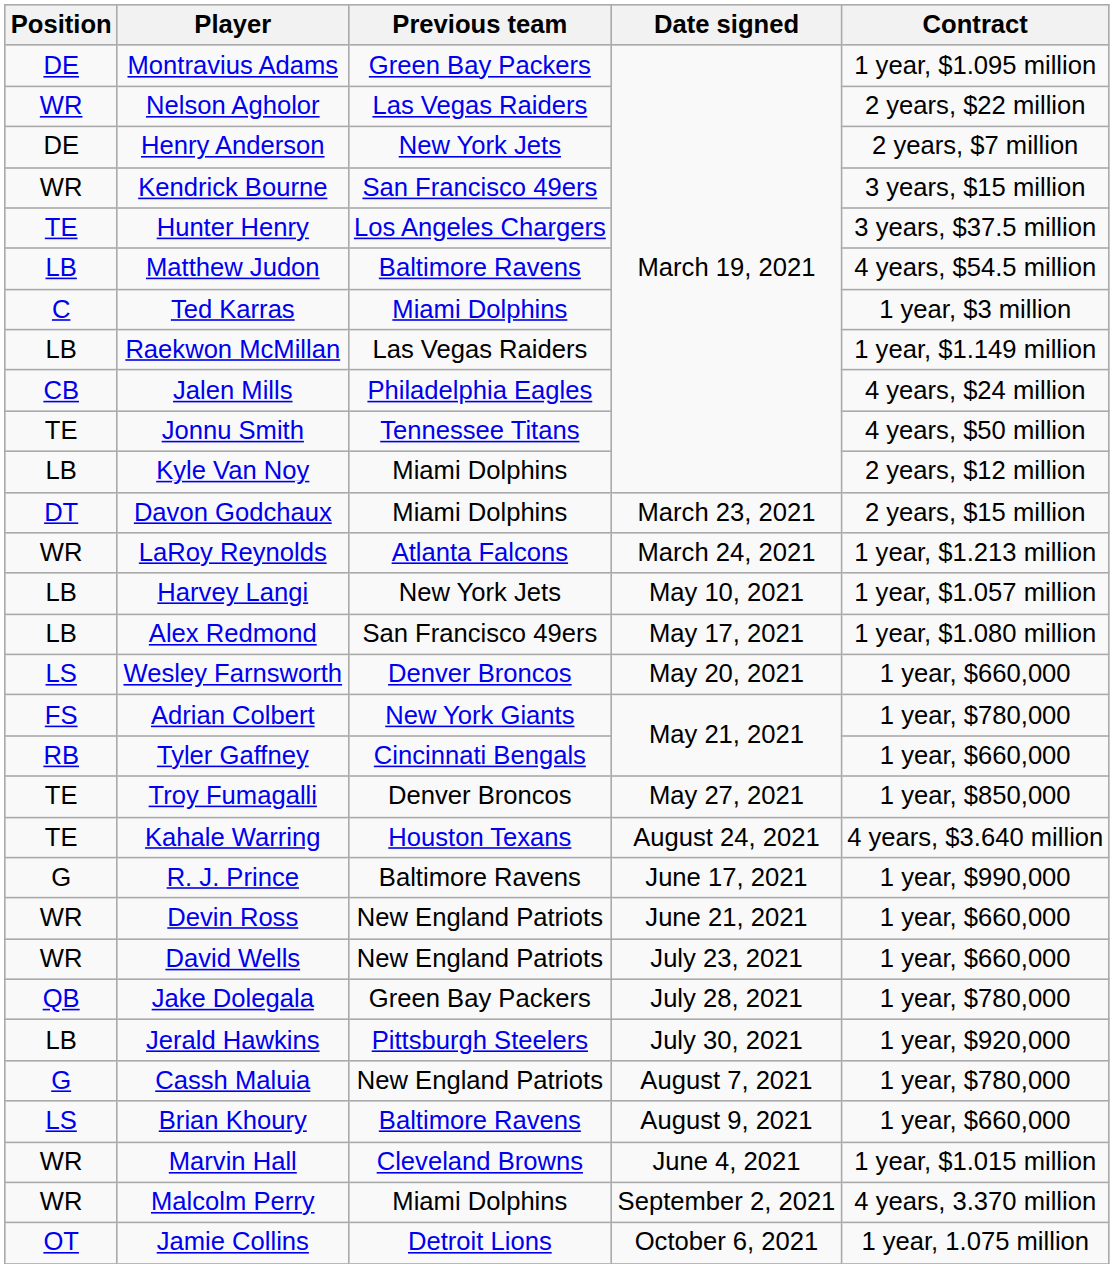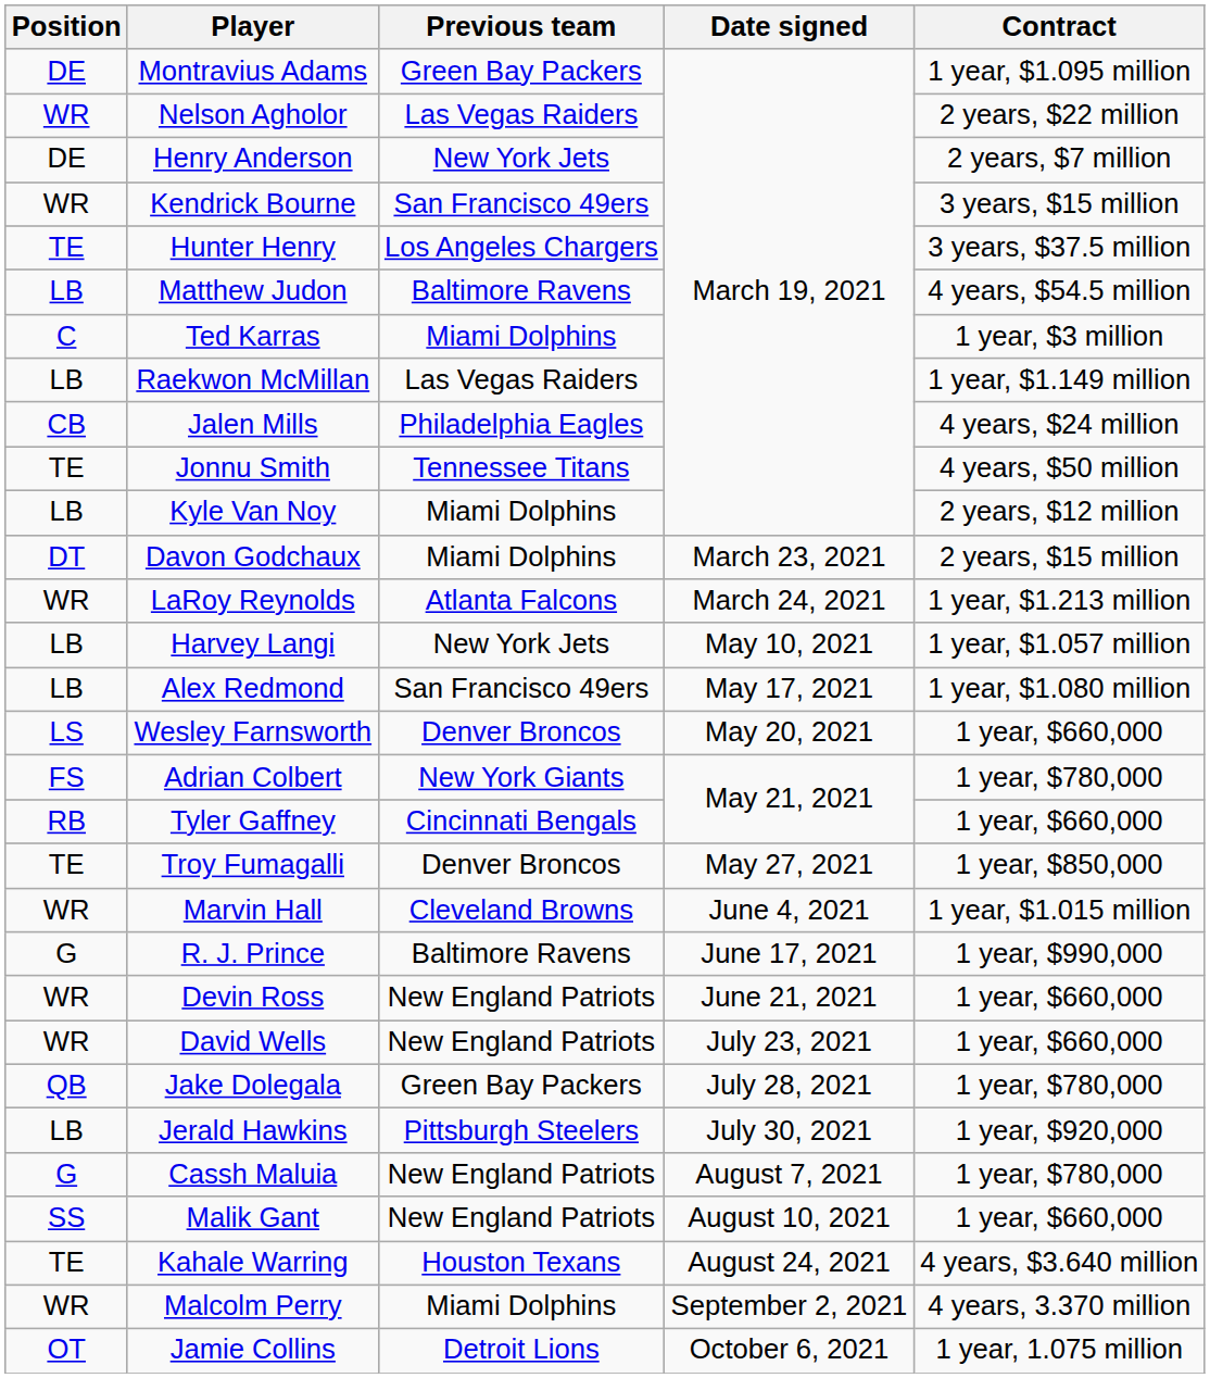 <table class="wikitable" style="text-align:center">
 <tr>
 <th>Position</th>
 <th>Player</th>
 <th>Previous team</th>
 <th>Date signed</th>
 <th>Contract</th>
 </tr>
 <tr>
 <td><a href='#'>DE</a></td>
 <td><a href='#'>Montravius Adams</a></td>
 <td><a href='#'>Green Bay Packers</a></td>
 <td rowspan="11">March 19, 2021</td>
 <td>1 year, $1.095 million</td>
 </tr>
 <tr style="background:#;">
 <td><a href='#'>WR</a></td>
 <td><a href='#'>Nelson Agholor</a></td>
 <td><a href='#'>Las Vegas Raiders</a></td>
 <td>2 years, $22 million</td>
 </tr>
 <tr style="background:#;">
 <td>DE</td>
 <td><a href='#'>Henry Anderson</a></td>
 <td><a href='#'>New York Jets</a></td>
 <td>2 years, $7 million</td>
 </tr>
 <tr style="background:#;">
 <td>WR</td>
 <td><a href='#'>Kendrick Bourne</a></td>
 <td><a href='#'>San Francisco 49ers</a></td>
 <td>3 years, $15 million</td>
 </tr>
 <tr style="background:#;">
 <td><a href='#'>TE</a></td>
 <td><a href='#'>Hunter Henry</a></td>
 <td><a href='#'>Los Angeles Chargers</a></td>
 <td>3 years, $37.5 million</td>
 </tr>
 <tr style="background:#;">
 <td><a href='#'>LB</a></td>
 <td><a href='#'>Matthew Judon</a></td>
 <td><a href='#'>Baltimore Ravens</a></td>
 <td>4 years, $54.5 million</td>
 </tr>
 <tr style="background:#;">
 <td><a href='#'>C</a></td>
 <td><a href='#'>Ted Karras</a></td>
 <td><a href='#'>Miami Dolphins</a></td>
 <td>1 year, $3 million</td>
 </tr>
 <tr style="background:#;">
 <td>LB</td>
 <td><a href='#'>Raekwon McMillan</a></td>
 <td>Las Vegas Raiders</td>
 <td>1 year, $1.149 million</td>
 </tr>
 <tr style="background:#;">
 <td><a href='#'>CB</a></td>
 <td><a href='#'>Jalen Mills</a></td>
 <td><a href='#'>Philadelphia Eagles</a></td>
 <td>4 years, $24 million</td>
 </tr>
 <tr style="background:#;">
 <td>TE</td>
 <td><a href='#'>Jonnu Smith</a></td>
 <td><a href='#'>Tennessee Titans</a></td>
 <td>4 years, $50 million</td>
 </tr>
 <tr>
 <td>LB</td>
 <td><a href='#'>Kyle Van Noy</a></td>
 <td>Miami Dolphins</td>
 <td>2 years, $12 million</td>
 </tr>
 <tr style="background:#;">
 <td><a href='#'>DT</a></td>
 <td><a href='#'>Davon Godchaux</a></td>
 <td>Miami Dolphins</td>
 <td>March 23, 2021</td>
 <td>2 years, $15 million</td>
 </tr>
 <tr>
 <td>WR</td>
 <td><a href='#'>LaRoy Reynolds</a></td>
 <td><a href='#'>Atlanta Falcons</a></td>
 <td>March 24, 2021</td>
 <td>1 year, $1.213 million</td>
 </tr>
 <tr>
 <td>LB</td>
 <td><a href='#'>Harvey Langi</a></td>
 <td>New York Jets</td>
 <td>May 10, 2021</td>
 <td>1 year, $1.057 million</td>
 </tr>
 <tr>
 <td>LB</td>
 <td><a href='#'>Alex Redmond</a></td>
 <td>San Francisco 49ers</td>
 <td>May 17, 2021</td>
 <td>1 year, $1.080 million</td>
 </tr>
 <tr>
 <td><a href='#'>LS</a></td>
 <td><a href='#'>Wesley Farnsworth</a></td>
 <td><a href='#'>Denver Broncos</a></td>
 <td>May 20, 2021</td>
 <td>1 year, $660,000</td>
 </tr>
 <tr>
 <td><a href='#'>FS</a></td>
 <td><a href='#'>Adrian Colbert</a></td>
 <td><a href='#'>New York Giants</a></td>
 <td rowspan="2">May 21, 2021</td>
 <td>1 year, $780,000</td>
 </tr>
 <tr>
 <td><a href='#'>RB</a></td>
 <td><a href='#'>Tyler Gaffney</a></td>
 <td><a href='#'>Cincinnati Bengals</a></td>
 <td>1 year, $660,000</td>
 </tr>
 <tr>
 <td>TE</td>
 <td><a href='#'>Troy Fumagalli</a></td>
 <td>Denver Broncos</td>
 <td>May 27, 2021</td>
 <td>1 year, $850,000</td>
 </tr>
 <tr>
-<td>TE</td>
-<td><a href='#'>Kahale Warring</a></td>
-<td><a href='#'>Houston Texans</a></td>
-<td>August 24, 2021</td>
-<td>4 years, $3.640 million</td>
+<td>WR</td>
+<td><a href='#'>Marvin Hall</a></td>
+<td><a href='#'>Cleveland Browns</a></td>
+<td>June 4, 2021</td>
+<td>1 year, $1.015 million</td>
 </tr>
 <tr>
 <td>G</td>
 <td><a href='#'>R. J. Prince</a></td>
 <td>Baltimore Ravens</td>
 <td>June 17, 2021</td>
 <td>1 year, $990,000</td>
 </tr>
 <tr>
 <td>WR</td>
 <td><a href='#'>Devin Ross</a></td>
 <td>New England Patriots</td>
 <td>June 21, 2021</td>
 <td>1 year, $660,000</td>
 </tr>
 <tr>
 <td>WR</td>
 <td><a href='#'>David Wells</a></td>
 <td>New England Patriots</td>
 <td>July 23, 2021</td>
 <td>1 year, $660,000</td>
 </tr>
 <tr>
 <td><a href='#'>QB</a></td>
 <td><a href='#'>Jake Dolegala</a></td>
 <td>Green Bay Packers</td>
 <td>July 28, 2021</td>
 <td>1 year, $780,000</td>
 </tr>
 <tr>
 <td>LB</td>
 <td><a href='#'>Jerald Hawkins</a></td>
 <td><a href='#'>Pittsburgh Steelers</a></td>
 <td>July 30, 2021</td>
 <td>1 year, $920,000</td>
 </tr>
 <tr>
 <td><a href='#'>G</a></td>
 <td><a href='#'>Cassh Maluia</a></td>
 <td>New England Patriots</td>
 <td>August 7, 2021</td>
 <td>1 year, $780,000</td>
 </tr>
 <tr>
-<td><a href='#'>LS</a></td>
-<td><a href='#'>Brian Khoury</a></td>
-<td><a href='#'>Baltimore Ravens</a></td>
-<td>August 9, 2021</td>
+<td><a href='#'>SS</a></td>
+<td><a href='#'>Malik Gant</a></td>
+<td>New England Patriots</td>
+<td>August 10, 2021</td>
 <td>1 year, $660,000</td>
 </tr>
 <tr>
-<td>WR</td>
-<td><a href='#'>Marvin Hall</a></td>
-<td><a href='#'>Cleveland Browns</a></td>
-<td>June 4, 2021</td>
-<td>1 year, $1.015 million</td>
+<td>TE</td>
+<td><a href='#'>Kahale Warring</a></td>
+<td><a href='#'>Houston Texans</a></td>
+<td>August 24, 2021</td>
+<td>4 years, $3.640 million</td>
 </tr>
 <tr>
 <td>WR</td>
 <td><a href='#'>Malcolm Perry</a></td>
 <td>Miami Dolphins</td>
 <td>September 2, 2021</td>
 <td>4 years, 3.370 million</td>
 </tr>
 <tr>
 <td><a href='#'>OT</a></td>
 <td><a href='#'>Jamie Collins</a></td>
 <td><a href='#'>Detroit Lions</a></td>
 <td>October 6, 2021</td>
 <td>1 year, 1.075 million</td>
 </tr>
 </table>
